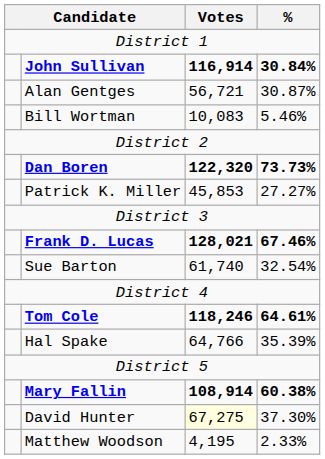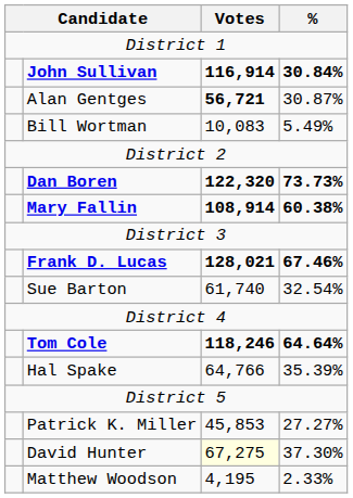 <table class="wikitable">
 <tr>
 <th colspan="2" rowspan="1" align="center" valign="top"><strong>Candidate</strong></th>
 <th valign="top"><strong>Votes</strong></th>
 <th valign="top"><strong>%</strong></th>
 </tr>
 <tr>
 <td colspan="4" align="center"><em>District 1</em></td>
 </tr>
 <tr>
 <td style="background-color:"> </td>
 <td><strong><a href='#'>John Sullivan</a></strong></td>
 <td><strong>116,914</strong></td>
 <td><strong>30.84%</strong></td>
 </tr>
 <tr>
 <td style="background-color:"> </td>
 <td>Alan Gentges</td>
-<td>56,721</td>
+<td><strong>56,721</strong></td>
 <td>30.87%</td>
 </tr>
 <tr>
 <td style="background-color:"> </td>
 <td>Bill Wortman</td>
 <td>10,083</td>
-<td>5.46%</td>
+<td>5.49%</td>
 </tr>
 <tr>
 <td colspan="4" align="center"><em>District 2</em></td>
 </tr>
 <tr>
 <td style="background-color:"> </td>
 <td><strong><a href='#'>Dan Boren</a></strong></td>
 <td><strong>122,320</strong></td>
 <td><strong>73.73%</strong></td>
 </tr>
 <tr>
 <td style="background-color:"> </td>
-<td>Patrick K. Miller</td>
-<td>45,853</td>
-<td>27.27%</td>
+<td><strong><a href='#'>Mary Fallin</a></strong></td>
+<td><strong>108,914</strong></td>
+<td><strong>60.38%</strong></td>
 </tr>
 <tr>
 <td colspan="4" align="center"><em>District 3</em></td>
 </tr>
 <tr>
 <td style="background-color:"> </td>
 <td><strong><a href='#'>Frank D. Lucas</a></strong></td>
 <td><strong>128,021</strong></td>
 <td><strong>67.46%</strong></td>
 </tr>
 <tr>
 <td style="background-color:"> </td>
 <td>Sue Barton</td>
 <td>61,740</td>
 <td>32.54%</td>
 </tr>
 <tr>
 <td colspan="4" align="center"><em>District 4</em></td>
 </tr>
 <tr>
 <td style="background-color:"> </td>
 <td><strong><a href='#'>Tom Cole</a></strong></td>
 <td><strong>118,246</strong></td>
-<td><strong>64.61%</strong></td>
+<td><strong>64.64%</strong></td>
 </tr>
 <tr>
 <td style="background-color:"> </td>
 <td>Hal Spake</td>
 <td>64,766</td>
 <td>35.39%</td>
 </tr>
 <tr>
 <td colspan="4" align="center"><em>District 5</em></td>
 </tr>
 <tr>
 <td style="background-color:"> </td>
-<td><strong><a href='#'>Mary Fallin</a></strong></td>
-<td><strong>108,914</strong></td>
-<td><strong>60.38%</strong></td>
+<td>Patrick K. Miller</td>
+<td>45,853</td>
+<td>27.27%</td>
 </tr>
 <tr>
 <td style="background-color:"> </td>
 <td>David Hunter</td>
 <td style="background: lightyellow;">67,275</td>
 <td>37.30%</td>
 </tr>
 <tr>
 <td style="background-color:"> </td>
 <td>Matthew Woodson</td>
 <td>4,195</td>
 <td>2.33%</td>
 </tr>
 </table>
